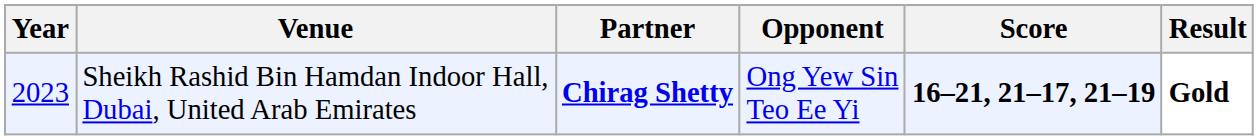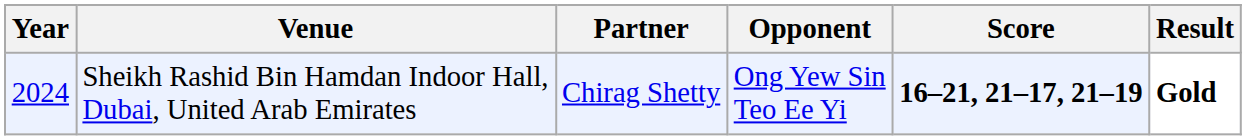 <table class="sortable wikitable" style="font-size: 90%;">
 <tr>
 <th>Year</th>
 <th>Venue</th>
 <th>Partner</th>
 <th>Opponent</th>
 <th>Score</th>
 <th>Result</th>
 </tr>
 <tr style="background:#ECF2FF">
-<td align="center"><a href='#'>2023</a></td>
+<td align="center"><a href='#'>2024</a></td>
 <td align="left">Sheikh Rashid Bin Hamdan Indoor Hall,<br><a href='#'>Dubai</a>, United Arab Emirates</td>
-<td align="left"><strong> <a href='#'>Chirag Shetty</a></strong></td>
+<td align="left"> <a href='#'>Chirag Shetty</a></td>
 <td align="left"> <a href='#'>Ong Yew Sin</a><br> <a href='#'>Teo Ee Yi</a></td>
 <td align="left"><strong>16–21, 21–17, 21–19</strong></td>
 <td style="text-align:left; background:white"> <strong>Gold</strong></td>
 </tr>
 </table>
